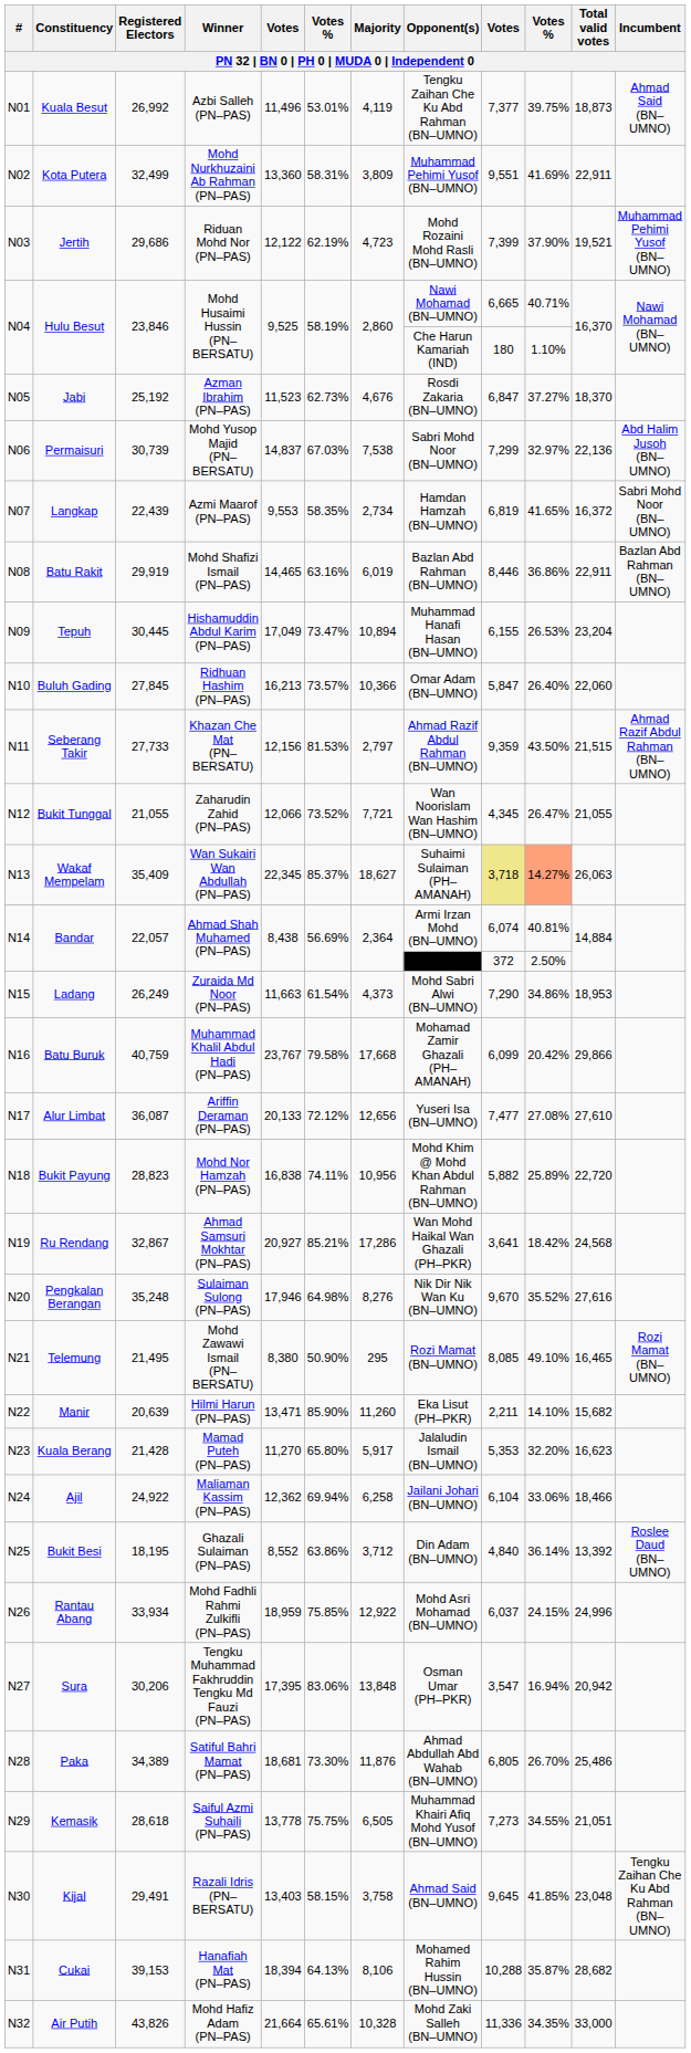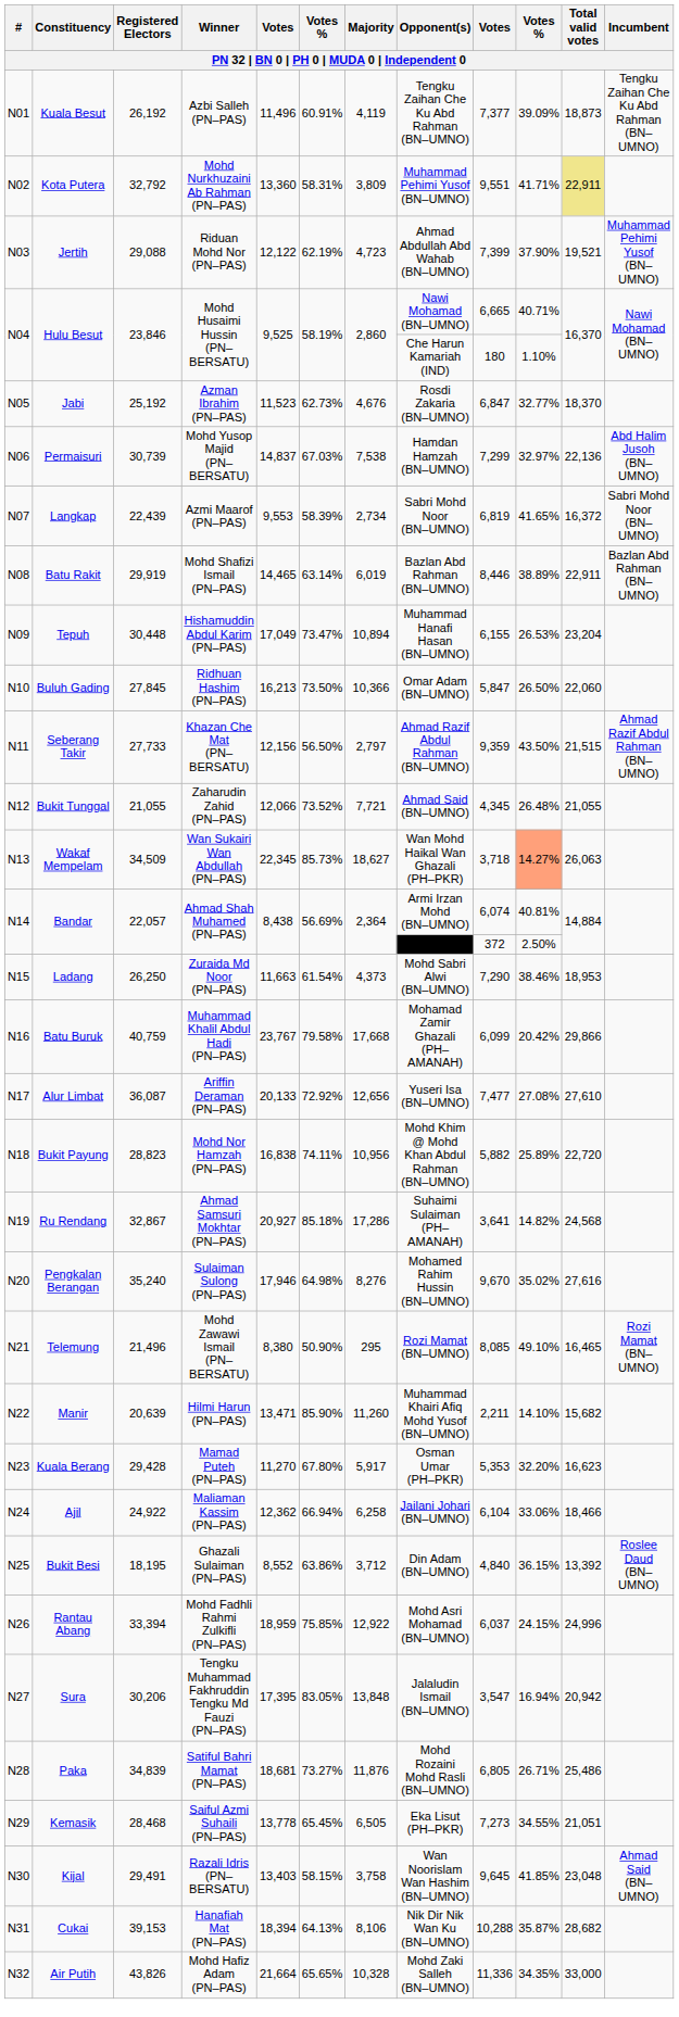 <table class="wikitable sortable" style">
 <tr>
 <th>#</th>
 <th>Constituency</th>
 <th>Registered Electors</th>
 <th>Winner</th>
 <th>Votes</th>
 <th>Votes %</th>
 <th>Majority</th>
 <th>Opponent(s)</th>
 <th>Votes</th>
 <th>Votes %</th>
 <th>Total valid votes</th>
 <th>Incumbent</th>
 </tr>
 <tr>
 <th colspan="13"><a href='#'>PN</a> <strong>32</strong> | <a href='#'>BN</a> <strong>0</strong>  | <a href='#'>PH</a> <strong>0</strong> | <a href='#'>MUDA</a> <strong>0</strong> | <a href='#'>Independent</a> <strong>0</strong></th>
 </tr>
 <tr align="center">
 <td rowspan=1>N01</td>
 <td rowspan=1><a href='#'>Kuala Besut</a></td>
-<td rowspan=1>26,992</td>
+<td rowspan=1>26,192</td>
 <td rowspan=1>Azbi Salleh<br>(PN–PAS)</td>
 <td rowspan=1>11,496</td>
-<td rowspan=1>53.01%</td>
+<td rowspan=1>60.91%</td>
 <td rowspan=1>4,119</td>
 <td>Tengku Zaihan Che Ku Abd Rahman<br>(BN–UMNO)</td>
 <td>7,377</td>
-<td>39.75%</td>
+<td>39.09%</td>
 <td rowspan=1>18,873</td>
-<td rowspan=1><a href='#'>Ahmad Said</a><br>(BN–UMNO)</td>
+<td rowspan=1>Tengku Zaihan Che Ku Abd Rahman<br>(BN–UMNO)</td>
 </tr>
 <tr align="center">
 <td rowspan=1>N02</td>
 <td rowspan=1><a href='#'>Kota Putera</a></td>
-<td rowspan=1>32,499</td>
+<td rowspan=1>32,792</td>
 <td rowspan=1><a href='#'>Mohd Nurkhuzaini Ab Rahman</a><br>(PN–PAS)</td>
 <td rowspan=1>13,360</td>
 <td rowspan=1>58.31%</td>
 <td rowspan=1>3,809</td>
 <td><a href='#'>Muhammad Pehimi Yusof</a><br>(BN–UMNO)</td>
 <td>9,551</td>
-<td>41.69%</td>
-<td rowspan=1>22,911</td>
+<td>41.71%</td>
+<td rowspan=1 style="background: khaki;">22,911</td>
 <td rowspan=1><br></td>
 </tr>
 <tr align="center">
 <td rowspan=1>N03</td>
 <td rowspan=1><a href='#'>Jertih</a></td>
-<td rowspan=1>29,686</td>
+<td rowspan=1>29,088</td>
 <td rowspan=1>Riduan Mohd Nor<br>(PN–PAS)</td>
 <td rowspan=1>12,122</td>
 <td rowspan=1>62.19%</td>
 <td rowspan=1>4,723</td>
-<td>Mohd Rozaini Mohd Rasli<br>(BN–UMNO)</td>
+<td>Ahmad Abdullah Abd Wahab<br>(BN–UMNO)</td>
 <td>7,399</td>
 <td>37.90%</td>
 <td rowspan=1>19,521</td>
 <td rowspan=1><a href='#'>Muhammad Pehimi Yusof</a><br>(BN–UMNO)</td>
 </tr>
 <tr align="center">
 <td rowspan=2>N04</td>
 <td rowspan=2><a href='#'>Hulu Besut</a></td>
 <td rowspan=2>23,846</td>
 <td rowspan=2>Mohd Husaimi Hussin<br>(PN–BERSATU)</td>
 <td rowspan=2>9,525</td>
 <td rowspan=2>58.19%</td>
 <td rowspan=2>2,860</td>
 <td><a href='#'>Nawi Mohamad</a><br>(BN–UMNO)</td>
 <td>6,665</td>
 <td>40.71%</td>
 <td rowspan=2>16,370</td>
 <td rowspan=2><a href='#'>Nawi Mohamad</a><br>(BN–UMNO)</td>
 </tr>
 <tr align="center">
 <td>Che Harun Kamariah<br>(IND)</td>
 <td>180</td>
 <td>1.10%</td>
 </tr>
 <tr align="center">
 <td rowspan=1>N05</td>
 <td rowspan=1><a href='#'>Jabi</a></td>
 <td rowspan=1>25,192</td>
 <td rowspan=1><a href='#'>Azman Ibrahim</a><br>(PN–PAS)</td>
 <td rowspan=1>11,523</td>
 <td rowspan=1>62.73%</td>
 <td rowspan=1>4,676</td>
 <td>Rosdi Zakaria<br>(BN–UMNO)</td>
 <td>6,847</td>
-<td>37.27%</td>
+<td>32.77%</td>
 <td rowspan=1>18,370</td>
 <td rowspan=1><br></td>
 </tr>
 <tr align="center">
 <td rowspan=1>N06</td>
 <td rowspan=1><a href='#'>Permaisuri</a></td>
 <td rowspan=1>30,739</td>
 <td rowspan=1>Mohd Yusop Majid<br>(PN–BERSATU)</td>
 <td rowspan=1>14,837</td>
 <td rowspan=1>67.03%</td>
 <td rowspan=1>7,538</td>
-<td>Sabri Mohd Noor<br>(BN–UMNO)</td>
+<td>Hamdan Hamzah<br>(BN–UMNO)</td>
 <td>7,299</td>
 <td>32.97%</td>
 <td rowspan=1>22,136</td>
 <td rowspan=1><a href='#'>Abd Halim Jusoh</a><br>(BN–UMNO)</td>
 </tr>
 <tr align="center">
 <td rowspan=1>N07</td>
 <td rowspan=1><a href='#'>Langkap</a></td>
 <td rowspan=1>22,439</td>
 <td rowspan=1>Azmi Maarof<br>(PN–PAS)</td>
 <td rowspan=1>9,553</td>
-<td rowspan=1>58.35%</td>
+<td rowspan=1>58.39%</td>
 <td rowspan=1>2,734</td>
-<td>Hamdan Hamzah<br>(BN–UMNO)</td>
+<td>Sabri Mohd Noor<br>(BN–UMNO)</td>
 <td>6,819</td>
 <td>41.65%</td>
 <td rowspan=1>16,372</td>
 <td rowspan=1>Sabri Mohd Noor<br>(BN–UMNO)</td>
 </tr>
 <tr align="center">
 <td rowspan=1>N08</td>
 <td rowspan=1><a href='#'>Batu Rakit</a></td>
 <td rowspan=1>29,919</td>
 <td rowspan=1>Mohd Shafizi Ismail<br>(PN–PAS)</td>
 <td rowspan=1>14,465</td>
-<td rowspan=1>63.16%</td>
+<td rowspan=1>63.14%</td>
 <td rowspan=1>6,019</td>
 <td>Bazlan Abd Rahman<br>(BN–UMNO)</td>
 <td>8,446</td>
-<td>36.86%</td>
+<td>38.89%</td>
 <td rowspan=1>22,911</td>
 <td rowspan=1>Bazlan Abd Rahman<br>(BN–UMNO)</td>
 </tr>
 <tr align="center">
 <td rowspan=1>N09</td>
 <td rowspan=1><a href='#'>Tepuh</a></td>
-<td rowspan=1>30,445</td>
+<td rowspan=1>30,448</td>
 <td rowspan=1><a href='#'>Hishamuddin Abdul Karim</a><br>(PN–PAS)</td>
 <td rowspan=1>17,049</td>
 <td rowspan=1>73.47%</td>
 <td rowspan=1>10,894</td>
 <td>Muhammad Hanafi Hasan<br>(BN–UMNO)</td>
 <td>6,155</td>
 <td>26.53%</td>
 <td rowspan=1>23,204</td>
 <td rowspan=1><br></td>
 </tr>
 <tr align="center">
 <td rowspan=1>N10</td>
 <td rowspan=1><a href='#'>Buluh Gading</a></td>
 <td rowspan=1>27,845</td>
 <td rowspan=1><a href='#'>Ridhuan Hashim</a><br>(PN–PAS)</td>
 <td rowspan=1>16,213</td>
-<td rowspan=1>73.57%</td>
+<td rowspan=1>73.50%</td>
 <td rowspan=1>10,366</td>
 <td>Omar Adam<br>(BN–UMNO)</td>
 <td>5,847</td>
-<td>26.40%</td>
+<td>26.50%</td>
 <td rowspan=1>22,060</td>
 <td rowspan=1><br></td>
 </tr>
 <tr align="center">
 <td rowspan=1>N11</td>
 <td rowspan=1><a href='#'>Seberang Takir</a></td>
 <td rowspan=1>27,733</td>
 <td rowspan=1><a href='#'>Khazan Che Mat</a><br>(PN–BERSATU)</td>
 <td rowspan=1>12,156</td>
-<td rowspan=1>81.53%</td>
+<td rowspan=1>56.50%</td>
 <td rowspan=1>2,797</td>
 <td><a href='#'>Ahmad Razif Abdul Rahman</a><br>(BN–UMNO)</td>
 <td>9,359</td>
 <td>43.50%</td>
 <td rowspan=1>21,515</td>
 <td rowspan=1><a href='#'>Ahmad Razif Abdul Rahman</a><br>(BN–UMNO)</td>
 </tr>
 <tr align="center">
 <td rowspan=1>N12</td>
 <td rowspan=1><a href='#'>Bukit Tunggal</a></td>
 <td rowspan=1>21,055</td>
 <td rowspan=1>Zaharudin Zahid<br>(PN–PAS)</td>
 <td rowspan=1>12,066</td>
 <td rowspan=1>73.52%</td>
 <td rowspan=1>7,721</td>
-<td>Wan Noorislam Wan Hashim<br>(BN–UMNO)</td>
+<td><a href='#'>Ahmad Said</a><br>(BN–UMNO)</td>
 <td>4,345</td>
-<td>26.47%</td>
+<td>26.48%</td>
 <td rowspan=1>21,055</td>
 <td rowspan=1><br></td>
 </tr>
 <tr align="center">
 <td rowspan=1>N13</td>
 <td rowspan=1><a href='#'>Wakaf Mempelam</a></td>
-<td rowspan=1>35,409</td>
+<td rowspan=1>34,509</td>
 <td rowspan=1><a href='#'>Wan Sukairi Wan Abdullah</a><br>(PN–PAS)</td>
 <td rowspan=1>22,345</td>
-<td rowspan=1>85.37%</td>
+<td rowspan=1>85.73%</td>
 <td rowspan=1>18,627</td>
-<td>Suhaimi Sulaiman<br>(PH–AMANAH)</td>
-<td style="background: khaki;">3,718</td>
+<td>Wan Mohd Haikal Wan Ghazali<br>(PH–PKR)</td>
+<td>3,718</td>
 <td style="background: lightsalmon;">14.27%</td>
 <td rowspan=1>26,063</td>
 <td rowspan=1><br></td>
 </tr>
 <tr align="center">
 <td rowspan=2>N14</td>
 <td rowspan=2><a href='#'>Bandar</a></td>
 <td rowspan=2>22,057</td>
 <td rowspan=2><a href='#'>Ahmad Shah Muhamed</a><br>(PN–PAS)</td>
 <td rowspan=2>8,438</td>
 <td rowspan=2>56.69%</td>
 <td rowspan=2>2,364</td>
 <td>Armi Irzan Mohd<br>(BN–UMNO)</td>
 <td>6,074</td>
 <td>40.81%</td>
 <td rowspan=2>14,884</td>
 <td rowspan=2><br></td>
 </tr>
 <tr align="center">
 <td bgcolor="black"></td>
 <td>372</td>
 <td>2.50%</td>
 </tr>
 <tr align="center">
 <td rowspan=1>N15</td>
 <td rowspan=1><a href='#'>Ladang</a></td>
-<td rowspan=1>26,249</td>
+<td rowspan=1>26,250</td>
 <td rowspan=1><a href='#'>Zuraida Md Noor</a><br>(PN–PAS)</td>
 <td rowspan=1>11,663</td>
 <td rowspan=1>61.54%</td>
 <td rowspan=1>4,373</td>
 <td>Mohd Sabri Alwi<br>(BN–UMNO)</td>
 <td>7,290</td>
-<td>34.86%</td>
+<td>38.46%</td>
 <td rowspan=1>18,953</td>
 <td rowspan=1><br></td>
 </tr>
 <tr align="center">
 <td rowspan=1>N16</td>
 <td rowspan=1><a href='#'>Batu Buruk</a></td>
 <td rowspan=1>40,759</td>
 <td rowspan=1><a href='#'>Muhammad Khalil Abdul Hadi</a><br>(PN–PAS)</td>
 <td rowspan=1>23,767</td>
 <td rowspan=1>79.58%</td>
 <td rowspan=1>17,668</td>
 <td>Mohamad Zamir Ghazali<br>(PH–AMANAH)</td>
 <td>6,099</td>
 <td>20.42%</td>
 <td rowspan=1>29,866</td>
 <td rowspan=1><br></td>
 </tr>
 <tr align="center">
 <td rowspan=1>N17</td>
 <td rowspan=1><a href='#'>Alur Limbat</a></td>
 <td rowspan=1>36,087</td>
 <td rowspan=1><a href='#'>Ariffin Deraman</a><br>(PN–PAS)</td>
 <td rowspan=1>20,133</td>
-<td rowspan=1>72.12%</td>
+<td rowspan=1>72.92%</td>
 <td rowspan=1>12,656</td>
 <td>Yuseri Isa<br>(BN–UMNO)</td>
 <td>7,477</td>
 <td>27.08%</td>
 <td rowspan=1>27,610</td>
 <td rowspan=1><br></td>
 </tr>
 <tr align="center">
 <td rowspan=1>N18</td>
 <td rowspan=1><a href='#'>Bukit Payung</a></td>
 <td rowspan=1>28,823</td>
 <td rowspan=1><a href='#'>Mohd Nor Hamzah</a><br>(PN–PAS)</td>
 <td rowspan=1>16,838</td>
 <td rowspan=1>74.11%</td>
 <td rowspan=1>10,956</td>
 <td>Mohd Khim @ Mohd Khan Abdul Rahman<br>(BN–UMNO)</td>
 <td>5,882</td>
 <td>25.89%</td>
 <td rowspan=1>22,720</td>
 <td rowspan=1><br></td>
 </tr>
 <tr align="center">
 <td rowspan=1>N19</td>
 <td rowspan=1><a href='#'>Ru Rendang</a></td>
 <td rowspan=1>32,867</td>
 <td rowspan=1><a href='#'>Ahmad Samsuri Mokhtar</a><br>(PN–PAS)</td>
 <td rowspan=1>20,927</td>
-<td rowspan=1>85.21%</td>
+<td rowspan=1>85.18%</td>
 <td rowspan=1>17,286</td>
-<td>Wan Mohd Haikal Wan Ghazali<br>(PH–PKR)</td>
+<td>Suhaimi Sulaiman<br>(PH–AMANAH)</td>
 <td>3,641</td>
-<td>18.42%</td>
+<td>14.82%</td>
 <td rowspan=1>24,568</td>
 <td rowspan=1><br></td>
 </tr>
 <tr align="center">
 <td rowspan=1>N20</td>
 <td rowspan=1><a href='#'>Pengkalan Berangan</a></td>
-<td rowspan=1>35,248</td>
+<td rowspan=1>35,240</td>
 <td rowspan=1><a href='#'>Sulaiman Sulong</a><br>(PN–PAS)</td>
 <td rowspan=1>17,946</td>
 <td rowspan=1>64.98%</td>
 <td rowspan=1>8,276</td>
-<td>Nik Dir Nik Wan Ku<br>(BN–UMNO)</td>
+<td>Mohamed Rahim Hussin<br>(BN–UMNO)</td>
 <td>9,670</td>
-<td>35.52%</td>
+<td>35.02%</td>
 <td rowspan=1>27,616</td>
 <td rowspan=1><br></td>
 </tr>
 <tr align="center">
 <td rowspan=1>N21</td>
 <td rowspan=1><a href='#'>Telemung</a></td>
-<td rowspan=1>21,495</td>
+<td rowspan=1>21,496</td>
 <td rowspan=1>Mohd Zawawi Ismail<br>(PN–BERSATU)</td>
 <td rowspan=1>8,380</td>
 <td rowspan=1>50.90%</td>
 <td rowspan=1>295</td>
 <td><a href='#'>Rozi Mamat</a><br>(BN–UMNO)</td>
 <td>8,085</td>
 <td>49.10%</td>
 <td rowspan=1>16,465</td>
 <td rowspan=1><a href='#'>Rozi Mamat</a><br>(BN–UMNO)</td>
 </tr>
 <tr align="center">
 <td rowspan=1>N22</td>
 <td rowspan=1><a href='#'>Manir</a></td>
 <td rowspan=1>20,639</td>
 <td rowspan=1><a href='#'>Hilmi Harun</a><br>(PN–PAS)</td>
 <td rowspan=1>13,471</td>
 <td rowspan=1>85.90%</td>
 <td rowspan=1>11,260</td>
-<td>Eka Lisut<br>(PH–PKR)</td>
+<td>Muhammad Khairi Afiq Mohd Yusof<br>(BN–UMNO)</td>
 <td>2,211</td>
 <td>14.10%</td>
 <td rowspan=1>15,682</td>
 <td rowspan=1><br></td>
 </tr>
 <tr align="center">
 <td rowspan=1>N23</td>
 <td rowspan=1><a href='#'>Kuala Berang</a></td>
-<td rowspan=1>21,428</td>
+<td rowspan=1>29,428</td>
 <td rowspan=1><a href='#'>Mamad Puteh</a><br>(PN–PAS)</td>
 <td rowspan=1>11,270</td>
-<td rowspan=1>65.80%</td>
+<td rowspan=1>67.80%</td>
 <td rowspan=1>5,917</td>
-<td>Jalaludin Ismail<br>(BN–UMNO)</td>
+<td>Osman Umar<br>(PH–PKR)</td>
 <td>5,353</td>
 <td>32.20%</td>
 <td rowspan=1>16,623</td>
 <td rowspan=1><br></td>
 </tr>
 <tr align="center">
 <td rowspan=1>N24</td>
 <td rowspan=1><a href='#'>Ajil</a></td>
 <td rowspan=1>24,922</td>
 <td rowspan=1><a href='#'>Maliaman Kassim</a><br>(PN–PAS)</td>
 <td rowspan=1>12,362</td>
-<td rowspan=1>69.94%</td>
+<td rowspan=1>66.94%</td>
 <td rowspan=1>6,258</td>
 <td><a href='#'>Jailani Johari</a><br>(BN–UMNO)</td>
 <td>6,104</td>
 <td>33.06%</td>
 <td rowspan=1>18,466</td>
 <td rowspan=1><br></td>
 </tr>
 <tr align="center">
 <td rowspan=1>N25</td>
 <td rowspan=1><a href='#'>Bukit Besi</a></td>
 <td rowspan=1>18,195</td>
 <td rowspan=1>Ghazali Sulaiman<br>(PN–PAS)</td>
 <td rowspan=1>8,552</td>
 <td rowspan=1>63.86%</td>
 <td rowspan=1>3,712</td>
 <td>Din Adam<br>(BN–UMNO)</td>
 <td>4,840</td>
-<td>36.14%</td>
+<td>36.15%</td>
 <td rowspan=1>13,392</td>
 <td rowspan=1><a href='#'>Roslee Daud</a><br>(BN–UMNO)</td>
 </tr>
 <tr align="center">
 <td rowspan=1>N26</td>
 <td rowspan=1><a href='#'>Rantau Abang</a></td>
-<td rowspan=1>33,934</td>
+<td rowspan=1>33,394</td>
 <td rowspan=1>Mohd Fadhli Rahmi Zulkifli<br>(PN–PAS)</td>
 <td rowspan=1>18,959</td>
 <td rowspan=1>75.85%</td>
 <td rowspan=1>12,922</td>
 <td>Mohd Asri Mohamad<br>(BN–UMNO)</td>
 <td>6,037</td>
 <td>24.15%</td>
 <td rowspan=1>24,996</td>
 <td rowspan=1><br></td>
 </tr>
 <tr align="center">
 <td rowspan=1>N27</td>
 <td rowspan=1><a href='#'>Sura</a></td>
 <td rowspan=1>30,206</td>
 <td rowspan=1>Tengku Muhammad Fakhruddin Tengku Md Fauzi<br>(PN–PAS)</td>
 <td rowspan=1>17,395</td>
-<td rowspan=1>83.06%</td>
+<td rowspan=1>83.05%</td>
 <td rowspan=1>13,848</td>
-<td>Osman Umar<br>(PH–PKR)</td>
+<td>Jalaludin Ismail<br>(BN–UMNO)</td>
 <td>3,547</td>
 <td>16.94%</td>
 <td rowspan=1>20,942</td>
 <td rowspan=1><br></td>
 </tr>
 <tr align="center">
 <td rowspan=1>N28</td>
 <td rowspan=1><a href='#'>Paka</a></td>
-<td rowspan=1>34,389</td>
+<td rowspan=1>34,839</td>
 <td rowspan=1><a href='#'>Satiful Bahri Mamat</a><br>(PN–PAS)</td>
 <td rowspan=1>18,681</td>
-<td rowspan=1>73.30%</td>
+<td rowspan=1>73.27%</td>
 <td rowspan=1>11,876</td>
-<td>Ahmad Abdullah Abd Wahab<br>(BN–UMNO)</td>
+<td>Mohd Rozaini Mohd Rasli<br>(BN–UMNO)</td>
 <td>6,805</td>
-<td>26.70%</td>
+<td>26.71%</td>
 <td rowspan=1>25,486</td>
 <td rowspan=1><br></td>
 </tr>
 <tr align="center">
 <td rowspan=1>N29</td>
 <td rowspan=1><a href='#'>Kemasik</a></td>
-<td rowspan=1>28,618</td>
+<td rowspan=1>28,468</td>
 <td rowspan=1><a href='#'>Saiful Azmi Suhaili</a><br>(PN–PAS)</td>
 <td rowspan=1>13,778</td>
-<td rowspan=1>75.75%</td>
+<td rowspan=1>65.45%</td>
 <td rowspan=1>6,505</td>
-<td>Muhammad Khairi Afiq Mohd Yusof<br>(BN–UMNO)</td>
+<td>Eka Lisut<br>(PH–PKR)</td>
 <td>7,273</td>
 <td>34.55%</td>
 <td rowspan=1>21,051</td>
 <td rowspan=1><br></td>
 </tr>
 <tr align="center">
 <td rowspan=1>N30</td>
 <td rowspan=1><a href='#'>Kijal</a></td>
 <td rowspan=1>29,491</td>
 <td rowspan=1><a href='#'>Razali Idris</a><br>(PN–BERSATU)</td>
 <td rowspan=1>13,403</td>
 <td rowspan=1>58.15%</td>
 <td rowspan=1>3,758</td>
-<td><a href='#'>Ahmad Said</a><br>(BN–UMNO)</td>
+<td>Wan Noorislam Wan Hashim<br>(BN–UMNO)</td>
 <td>9,645</td>
 <td>41.85%</td>
 <td rowspan=1>23,048</td>
-<td rowspan=1>Tengku Zaihan Che Ku Abd Rahman<br>(BN–UMNO)</td>
+<td rowspan=1><a href='#'>Ahmad Said</a><br>(BN–UMNO)</td>
 </tr>
 <tr align="center">
 <td rowspan=1>N31</td>
 <td rowspan=1><a href='#'>Cukai</a></td>
 <td rowspan=1>39,153</td>
 <td rowspan=1><a href='#'>Hanafiah Mat</a><br>(PN–PAS)</td>
 <td rowspan=1>18,394</td>
 <td rowspan=1>64.13%</td>
 <td rowspan=1>8,106</td>
-<td>Mohamed Rahim Hussin<br>(BN–UMNO)</td>
+<td>Nik Dir Nik Wan Ku<br>(BN–UMNO)</td>
 <td>10,288</td>
 <td>35.87%</td>
 <td rowspan=1>28,682</td>
 <td rowspan=1><br></td>
 </tr>
 <tr align="center">
 <td rowspan=1>N32</td>
 <td rowspan=1><a href='#'>Air Putih</a></td>
 <td rowspan=1>43,826</td>
 <td rowspan=1>Mohd Hafiz Adam<br>(PN–PAS)</td>
 <td rowspan=1>21,664</td>
-<td rowspan=1>65.61%</td>
+<td rowspan=1>65.65%</td>
 <td rowspan=1>10,328</td>
 <td>Mohd Zaki Salleh<br>(BN–UMNO)</td>
 <td>11,336</td>
 <td>34.35%</td>
 <td rowspan=1>33,000</td>
 <td rowspan=1><br></td>
 </tr>
 </table>
